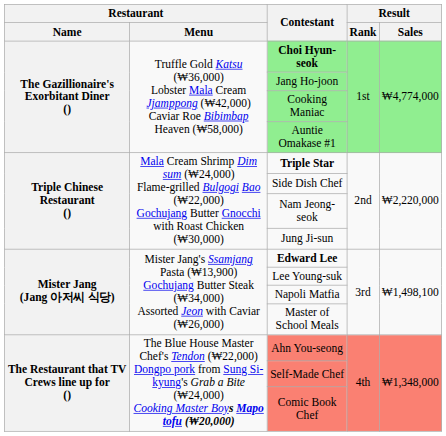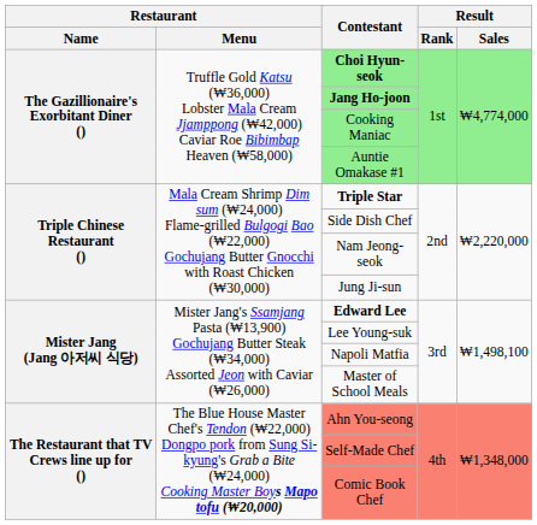 <table class="wikitable sortable" style="text-align:center">
 <tr>
 <th colspan="2">Restaurant</th>
 <th rowspan="2">Contestant</th>
 <th colspan="2">Result</th>
 </tr>
 <tr>
 <th>Name</th>
 <th>Menu</th>
 <th>Rank</th>
 <th>Sales</th>
 </tr>
 <tr>
 <th rowspan="4">The Gazillionaire's Exorbitant Diner <br> ()</th>
 <td rowspan="4">Truffle Gold <em><a href='#'>Katsu</a></em> (₩36,000) <br> Lobster <a href='#'>Mala</a> Cream <em><a href='#'>Jjamppong</a></em> (₩42,000) <br> Caviar Roe <em><a href='#'>Bibimbap</a></em> Heaven (₩58,000)</td>
 <td style="background:#90EE90"><strong>Choi Hyun-seok</strong></td>
 <td rowspan="4" style="background:#90EE90">1st</td>
 <td rowspan="4" style="background:#90EE90">₩4,774,000</td>
 </tr>
 <tr>
-<td style="background:#90EE90">Jang Ho-joon</td>
+<td style="background:#90EE90"><strong>Jang Ho-joon</strong></td>
 </tr>
 <tr>
 <td style="background:#90EE90">Cooking Maniac</td>
 </tr>
 <tr>
 <td style="background:#90EE90">Auntie Omakase #1</td>
 </tr>
 <tr>
 <th rowspan="4">Triple Chinese Restaurant <br> ()</th>
 <td rowspan="4"><a href='#'>Mala</a> Cream Shrimp <em><a href='#'>Dim sum</a></em> (₩24,000) <br> Flame-grilled <em><a href='#'>Bulgogi</a> <a href='#'>Bao</a></em> (₩22,000) <br> <a href='#'>Gochujang</a> Butter <a href='#'>Gnocchi</a> with Roast Chicken (₩30,000)</td>
 <td><strong>Triple Star</strong></td>
 <td rowspan="4">2nd</td>
 <td rowspan="4">₩2,220,000</td>
 </tr>
 <tr>
 <td>Side Dish Chef</td>
 </tr>
 <tr>
 <td>Nam Jeong-seok</td>
 </tr>
 <tr>
 <td>Jung Ji-sun</td>
 </tr>
 <tr>
 <th rowspan="4">Mister Jang <br> (Jang 아저씨 식당)</th>
 <td rowspan="4">Mister Jang's <em><a href='#'>Ssamjang</a></em> Pasta (₩13,900) <br> <a href='#'>Gochujang</a> Butter Steak (₩34,000) <br> Assorted <em><a href='#'>Jeon</a></em> with Caviar (₩26,000)</td>
 <td><strong>Edward Lee</strong></td>
 <td rowspan="4">3rd</td>
 <td rowspan="4">₩1,498,100</td>
 </tr>
 <tr>
 <td>Lee Young-suk</td>
 </tr>
 <tr>
 <td>Napoli Matfia</td>
 </tr>
 <tr>
 <td>Master of School Meals</td>
 </tr>
 <tr>
 <th rowspan="3">The Restaurant that TV Crews line up for <br> ()</th>
 <td rowspan="3">The Blue House Master Chef's <em><a href='#'>Tendon</a></em> (₩22,000) <br> <a href='#'>Dongpo pork</a> from <a href='#'>Sung Si-kyung</a>'s <em>Grab a Bite</em> (₩24,000) <br> <em><a href='#'>Cooking Master Boy</a><strong>s <a href='#'>Mapo tofu</a> (₩20,000)</td>
 <td style="background:salmon"></strong>Ahn You-seong<strong></td>
 <td rowspan="3" style="background:salmon">4th</td>
 <td rowspan="3" style="background:salmon">₩1,348,000</td>
 </tr>
 <tr>
 <td style="background:salmon">Self-Made Chef</td>
 </tr>
 <tr>
 <td style="background:salmon">Comic Book Chef</td>
 </tr>
 </table>
